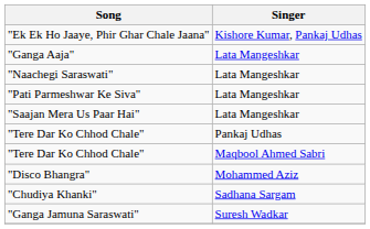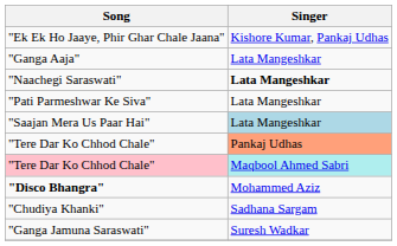 <table class="wikitable" style="font-size:95%">
 <tr>
 <th>Song</th>
 <th>Singer</th>
 </tr>
 <tr>
 <td>"Ek Ek Ho Jaaye, Phir Ghar Chale Jaana"</td>
 <td><a href='#'>Kishore Kumar</a>, <a href='#'>Pankaj Udhas</a></td>
 </tr>
 <tr>
 <td>"Ganga Aaja"</td>
 <td><a href='#'>Lata Mangeshkar</a></td>
 </tr>
 <tr>
 <td>"Naachegi Saraswati"</td>
-<td>Lata Mangeshkar</td>
+<td><strong>Lata Mangeshkar</strong></td>
 </tr>
 <tr>
 <td>"Pati Parmeshwar Ke Siva"</td>
 <td>Lata Mangeshkar</td>
 </tr>
 <tr>
 <td>"Saajan Mera Us Paar Hai"</td>
-<td>Lata Mangeshkar</td>
+<td style="background: lightblue;">Lata Mangeshkar</td>
 </tr>
 <tr>
 <td>"Tere Dar Ko Chhod Chale"</td>
-<td>Pankaj Udhas</td>
+<td style="background: lightsalmon;">Pankaj Udhas</td>
 </tr>
 <tr>
-<td>"Tere Dar Ko Chhod Chale"</td>
-<td><a href='#'>Maqbool Ahmed Sabri</a></td>
+<td style="background: pink;">"Tere Dar Ko Chhod Chale"</td>
+<td style="background: paleturquoise;"><a href='#'>Maqbool Ahmed Sabri</a></td>
 </tr>
 <tr>
-<td>"Disco Bhangra"</td>
+<td><strong>"Disco Bhangra"</strong></td>
 <td><a href='#'>Mohammed Aziz</a></td>
 </tr>
 <tr>
 <td>"Chudiya Khanki"</td>
 <td><a href='#'>Sadhana Sargam</a></td>
 </tr>
 <tr>
 <td>"Ganga Jamuna Saraswati"</td>
 <td><a href='#'>Suresh Wadkar</a></td>
 </tr>
 <tr>
 </tr>
 </table>
